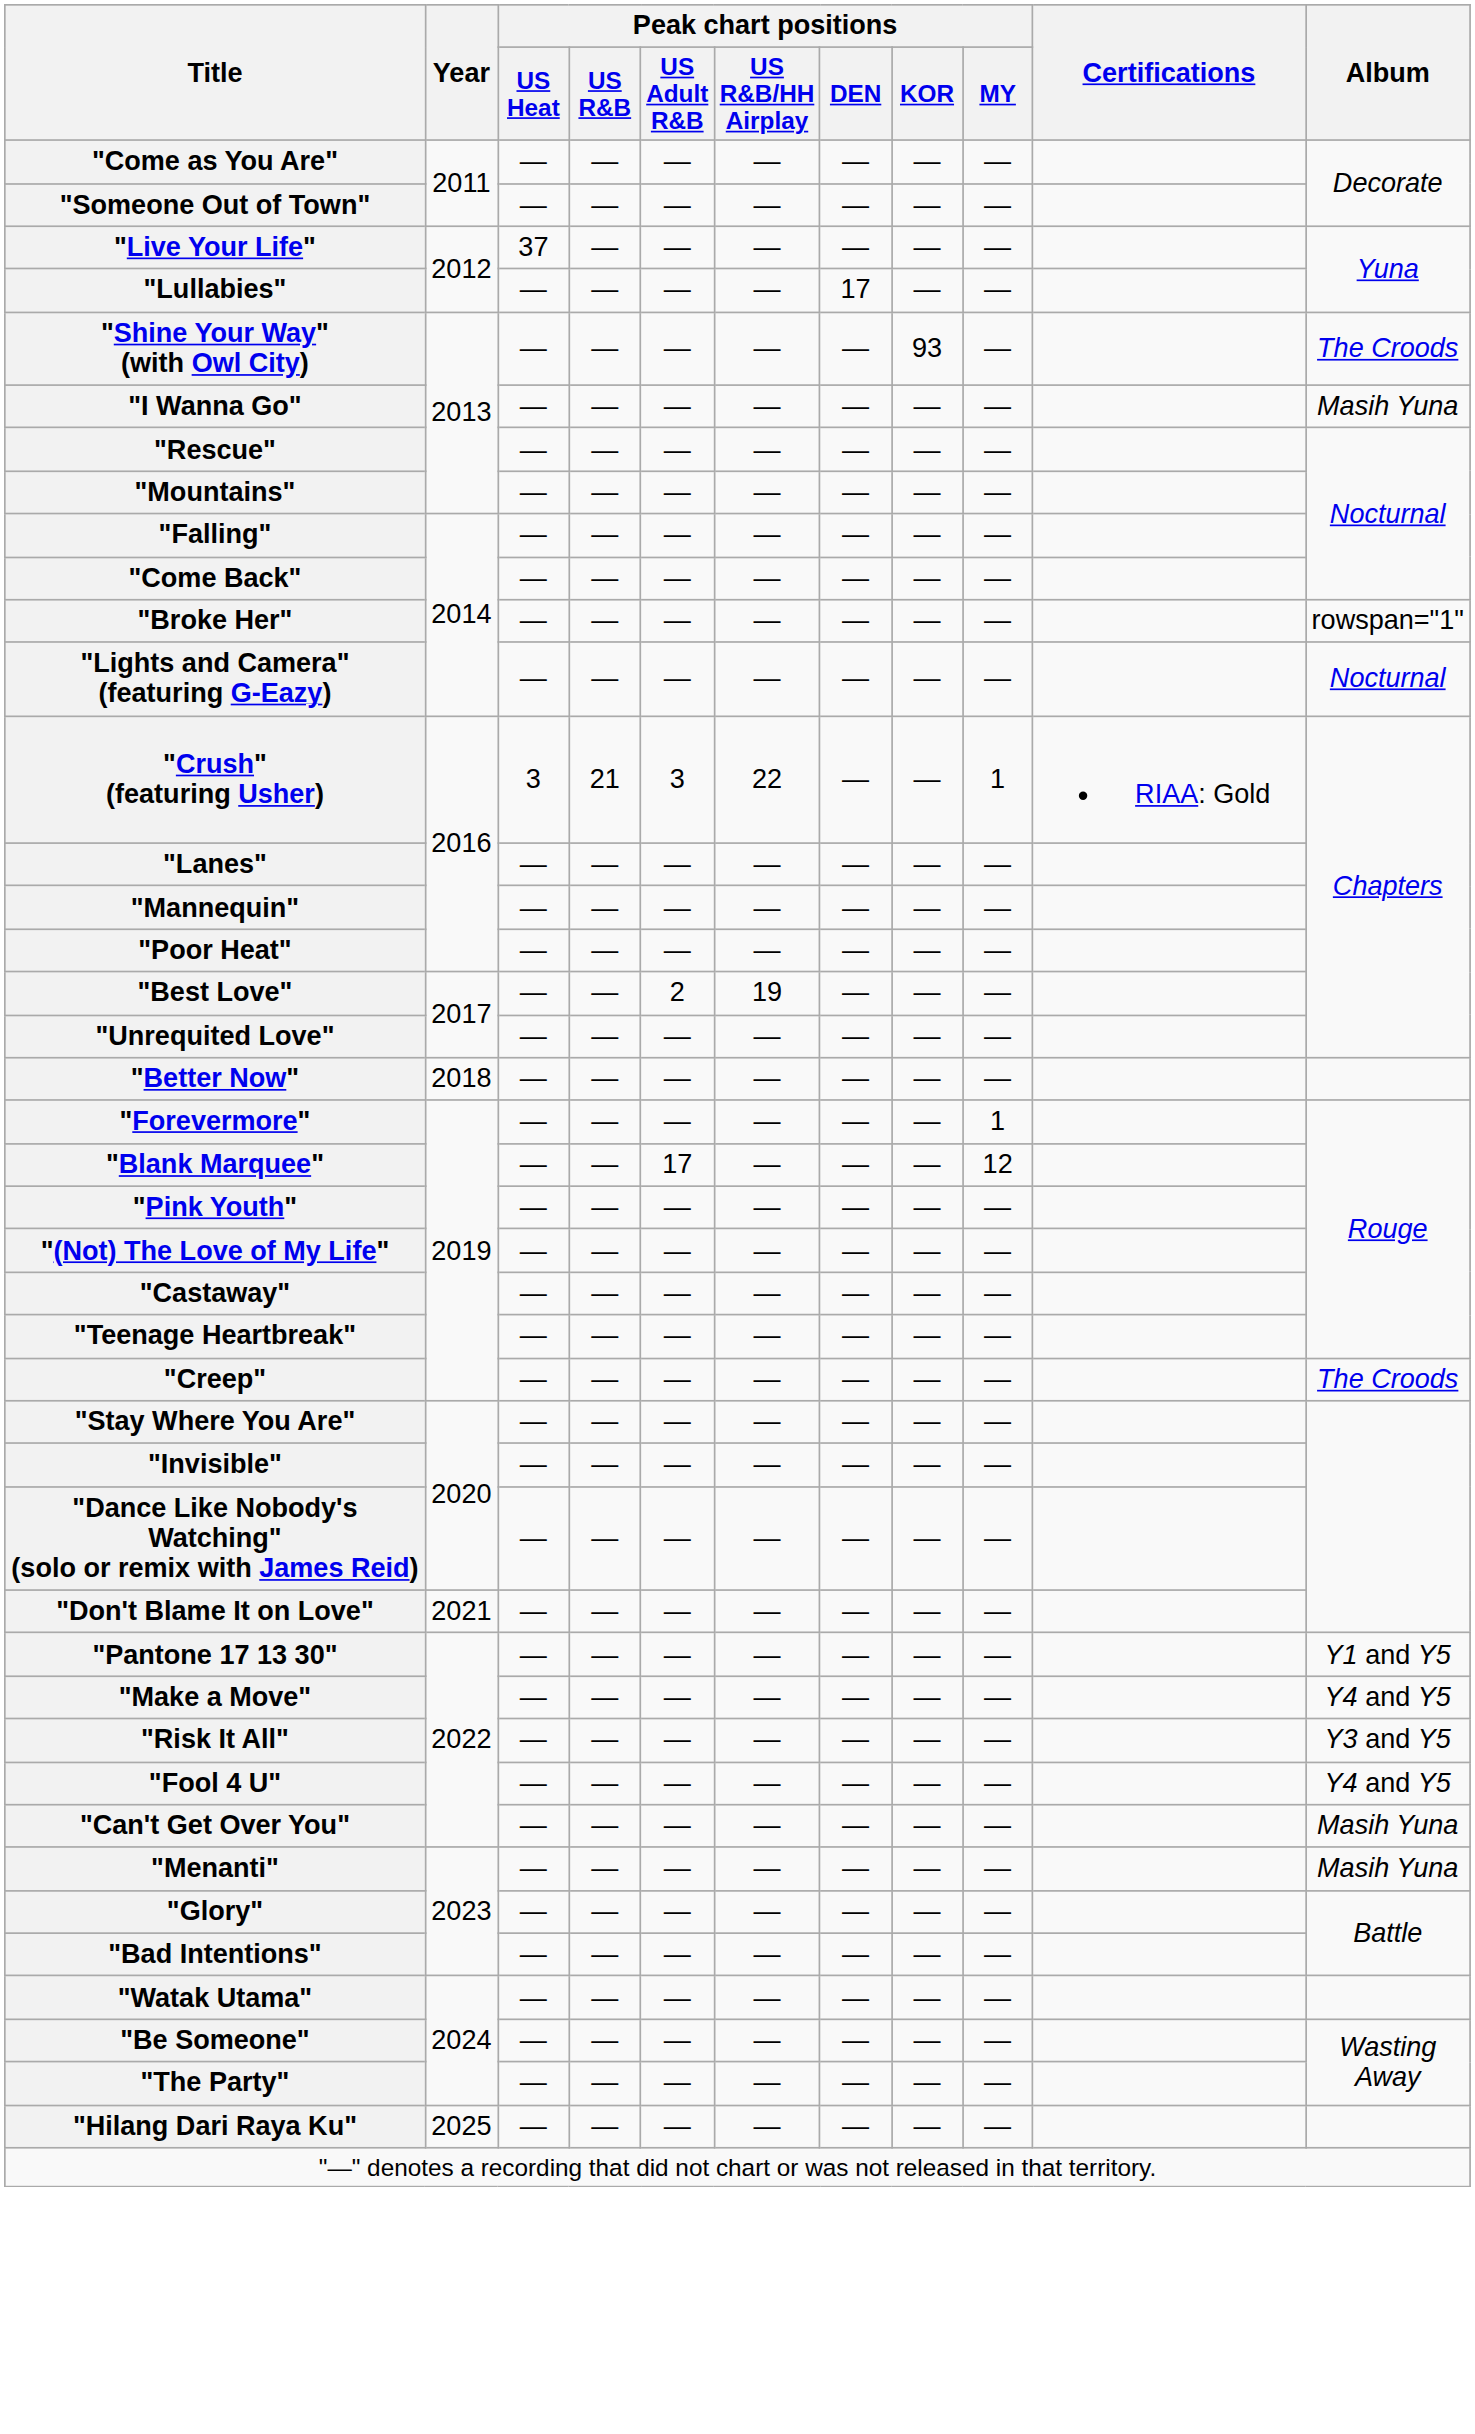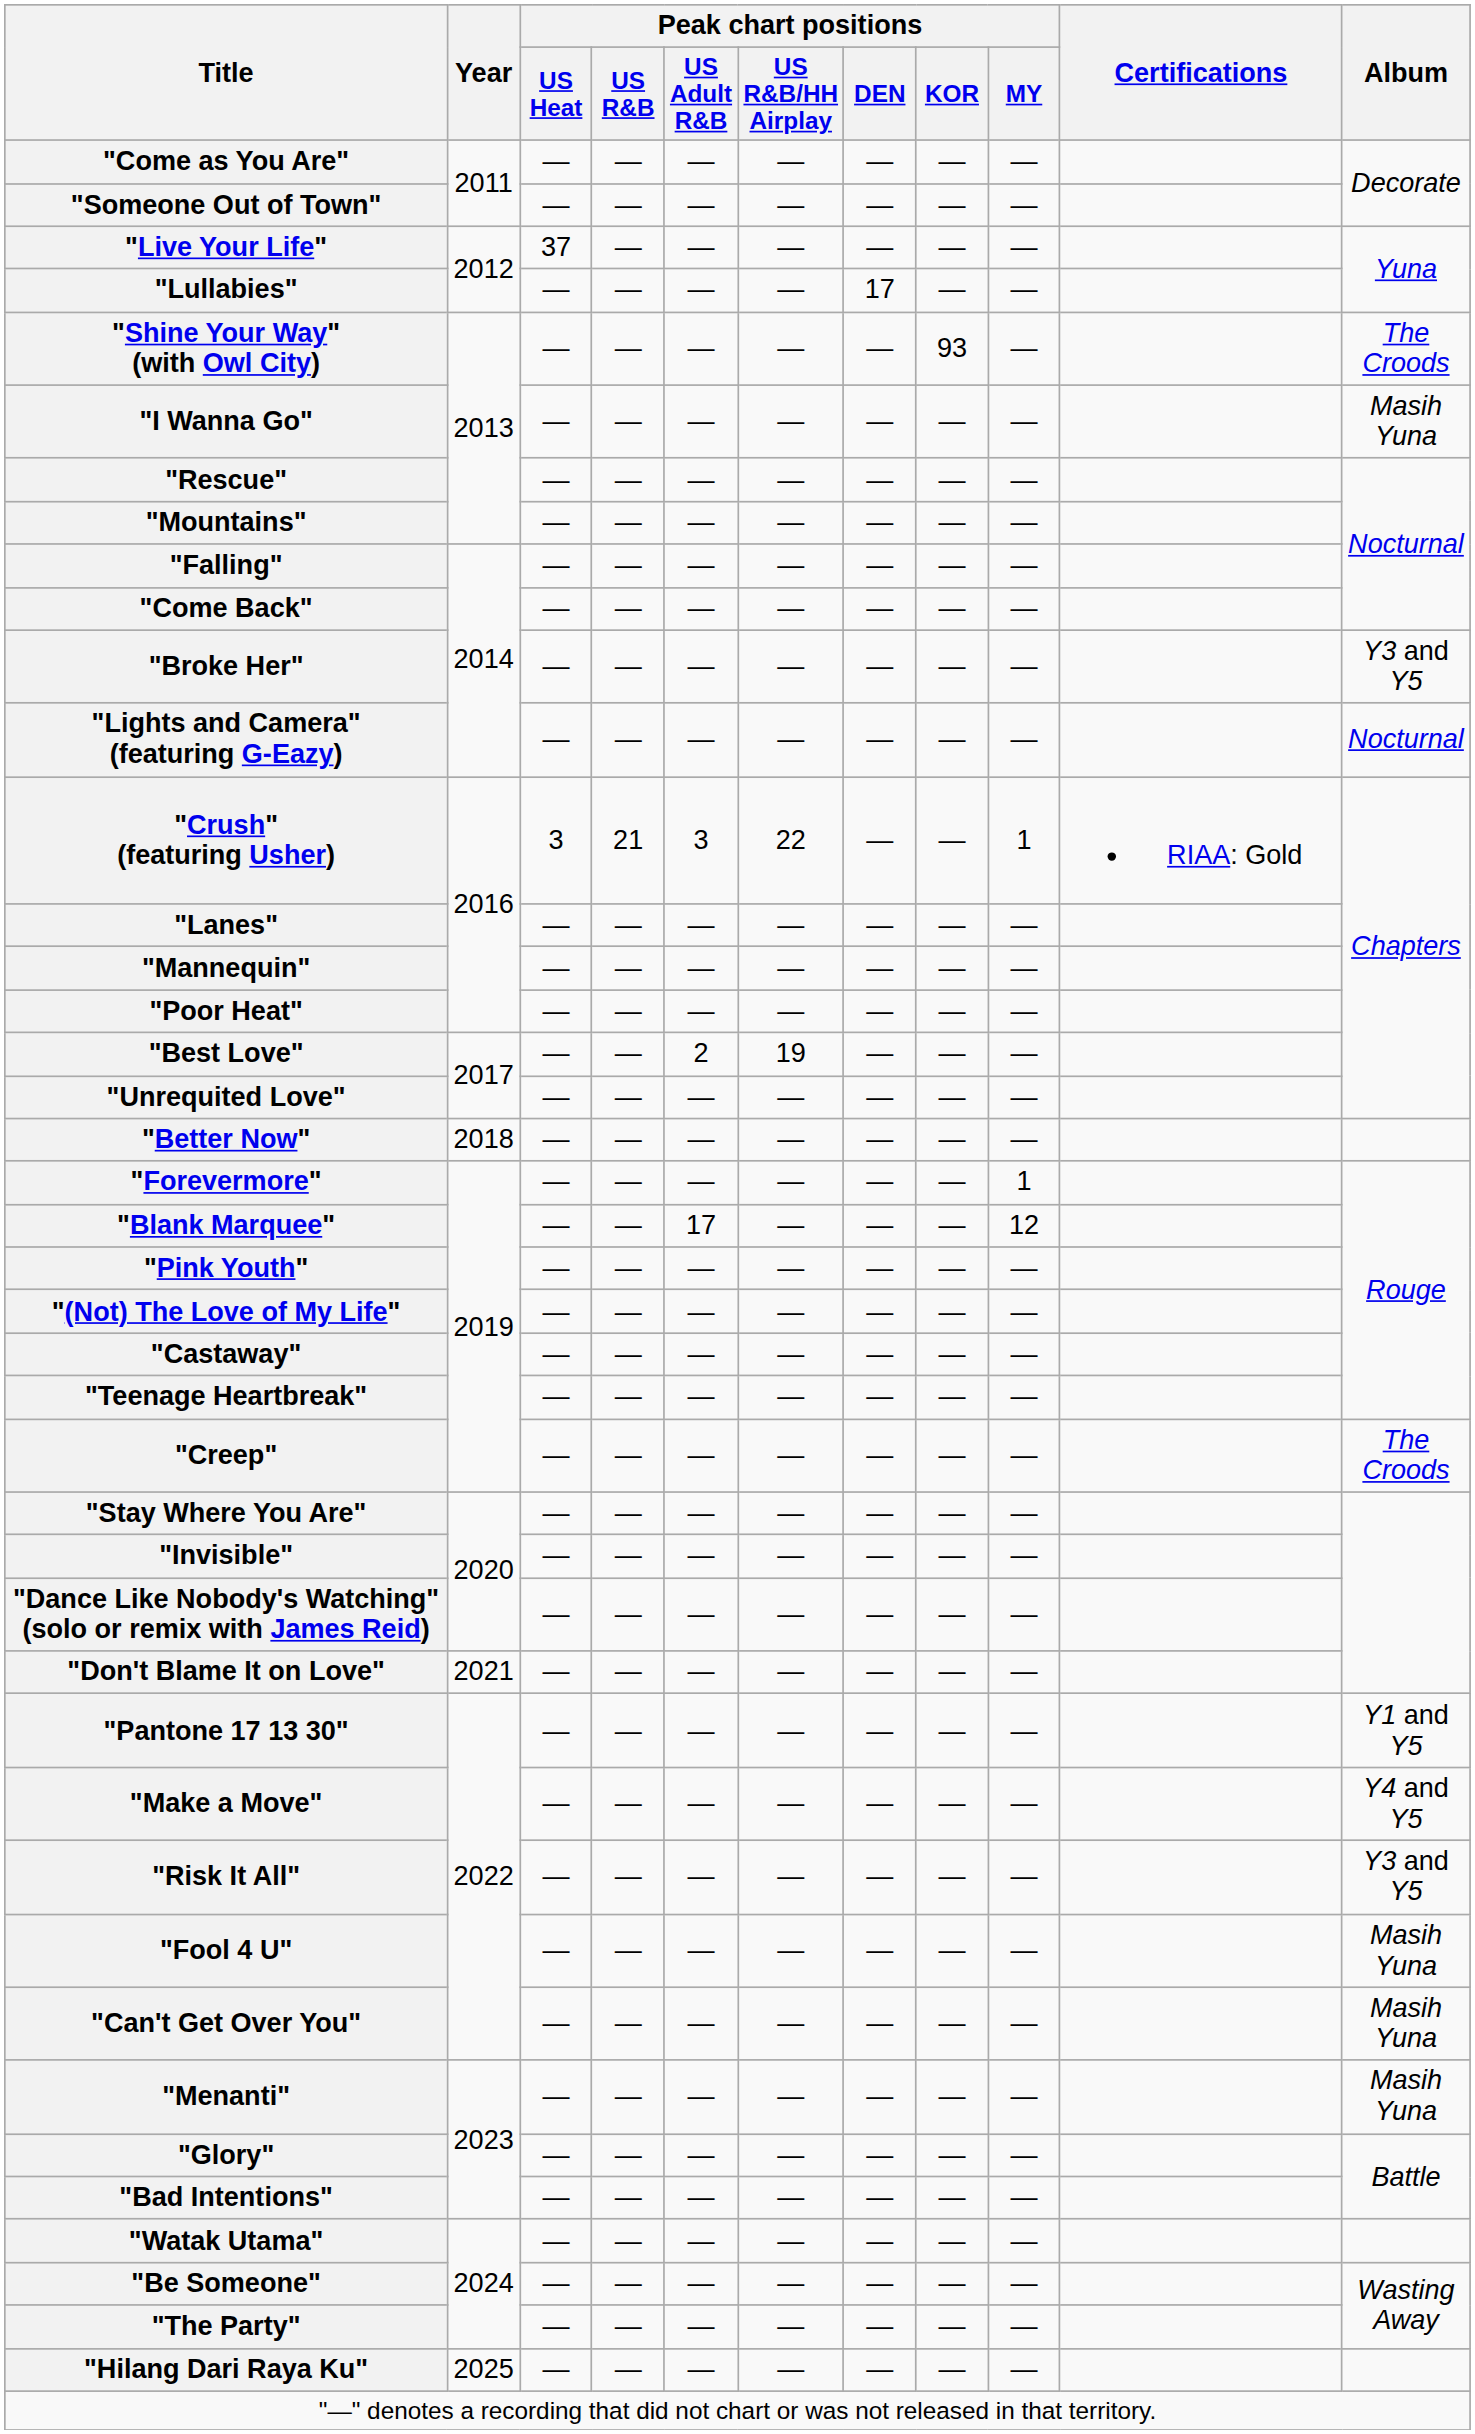 <table class="wikitable plainrowheaders" style="text-align:center;">
 <tr>
 <th scope="col" rowspan="2" style="width:16em;">Title</th>
 <th scope="col" rowspan="2">Year</th>
 <th scope="col" colspan="7">Peak chart positions</th>
 <th scope="col" rowspan="2" style="width:10em;"><a href='#'>Certifications</a></th>
 <th scope="col" rowspan="2">Album</th>
 </tr>
 <tr>
 <th scope="col" style="width:2.5em;font-size:90%;"><a href='#'>US Heat</a><br></th>
 <th scope="col" style="width:2.5em;font-size:90%;"><a href='#'>US R&B</a><br> </th>
 <th scope="col" style="width:2.5em;font-size:90%;"><a href='#'>US Adult R&B</a><br> </th>
 <th scope="col" style="width:2.5em;font-size:90%;"><a href='#'>US R&B/HH Airplay</a><br> </th>
 <th scope="col" style="width:2.5em;font-size:90%;"><a href='#'>DEN</a><br></th>
 <th scope="col" style="width:2.5em;font-size:90%;"><a href='#'>KOR</a><br></th>
 <th scope="col" style="width:2.5em;font-size:90%;"><a href='#'>MY</a><br></th>
 </tr>
 <tr>
 <th scope="row">"Come as You Are"</th>
 <td rowspan="2">2011</td>
 <td>—</td>
 <td>—</td>
 <td>—</td>
 <td>—</td>
 <td>—</td>
 <td>—</td>
 <td>—</td>
 <td></td>
 <td rowspan="2"><em>Decorate</em></td>
 </tr>
 <tr>
 <th scope="row">"Someone Out of Town"</th>
 <td>—</td>
 <td>—</td>
 <td>—</td>
 <td>—</td>
 <td>—</td>
 <td>—</td>
 <td>—</td>
 <td></td>
 </tr>
 <tr>
 <th scope="row">"<a href='#'>Live Your Life</a>"</th>
 <td rowspan="2">2012</td>
 <td>37</td>
 <td>—</td>
 <td>—</td>
 <td>—</td>
 <td>—</td>
 <td>—</td>
 <td>—</td>
 <td></td>
 <td rowspan="2"><em><a href='#'>Yuna</a></em></td>
 </tr>
 <tr>
 <th scope="row">"Lullabies"</th>
 <td>—</td>
 <td>—</td>
 <td>—</td>
 <td>—</td>
 <td>17</td>
 <td>—</td>
 <td>—</td>
 <td></td>
 </tr>
 <tr>
 <th scope="row">"<a href='#'>Shine Your Way</a>"<br><span>(with <a href='#'>Owl City</a>)</span></th>
 <td rowspan="4">2013</td>
 <td>—</td>
 <td>—</td>
 <td>—</td>
 <td>—</td>
 <td>—</td>
 <td>93</td>
 <td>—</td>
 <td></td>
 <td><em><a href='#'>The Croods</a></em></td>
 </tr>
 <tr>
 <th scope="row">"I Wanna Go"</th>
 <td>—</td>
 <td>—</td>
 <td>—</td>
 <td>—</td>
 <td>—</td>
 <td>—</td>
 <td>—</td>
 <td></td>
 <td><em>Masih Yuna</em></td>
 </tr>
 <tr>
 <th scope="row">"Rescue"</th>
 <td>—</td>
 <td>—</td>
 <td>—</td>
 <td>—</td>
 <td>—</td>
 <td>—</td>
 <td>—</td>
 <td></td>
 <td rowspan="4"><em><a href='#'>Nocturnal</a></em></td>
 </tr>
 <tr>
 <th scope="row">"Mountains"</th>
 <td>—</td>
 <td>—</td>
 <td>—</td>
 <td>—</td>
 <td>—</td>
 <td>—</td>
 <td>—</td>
 <td></td>
 </tr>
 <tr>
 <th scope="row">"Falling"</th>
 <td rowspan="4">2014</td>
 <td>—</td>
 <td>—</td>
 <td>—</td>
 <td>—</td>
 <td>—</td>
 <td>—</td>
 <td>—</td>
 <td></td>
 </tr>
 <tr>
 <th scope="row">"Come Back"</th>
 <td>—</td>
 <td>—</td>
 <td>—</td>
 <td>—</td>
 <td>—</td>
 <td>—</td>
 <td>—</td>
 <td></td>
 </tr>
 <tr>
 <th scope="row">"Broke Her"</th>
 <td>—</td>
 <td>—</td>
 <td>—</td>
 <td>—</td>
 <td>—</td>
 <td>—</td>
 <td>—</td>
 <td></td>
-<td>rowspan="1" </td>
+<td><em>Y3</em> and <em>Y5</em></td>
 </tr>
 <tr>
 <th scope="row">"Lights and Camera"<br><span>(featuring <a href='#'>G-Eazy</a>)</span></th>
 <td>—</td>
 <td>—</td>
 <td>—</td>
 <td>—</td>
 <td>—</td>
 <td>—</td>
 <td>—</td>
 <td></td>
 <td rowspan="1"><em><a href='#'>Nocturnal</a></em></td>
 </tr>
 <tr>
 <th scope="row">"<a href='#'>Crush</a>"<br><span>(featuring <a href='#'>Usher</a>)</span></th>
 <td rowspan="4">2016</td>
 <td>3</td>
 <td>21</td>
 <td>3</td>
 <td>22</td>
 <td>—</td>
 <td>—</td>
 <td>1</td>
 <td><br><ul><li><a href='#'>RIAA</a>: Gold</li></ul></td>
 <td rowspan="6"><em><a href='#'>Chapters</a></em></td>
 </tr>
 <tr>
 <th scope="row">"Lanes"</th>
 <td>—</td>
 <td>—</td>
 <td>—</td>
 <td>—</td>
 <td>—</td>
 <td>—</td>
 <td>—</td>
 <td></td>
 </tr>
 <tr>
 <th scope="row">"Mannequin"</th>
 <td>—</td>
 <td>—</td>
 <td>—</td>
 <td>—</td>
 <td>—</td>
 <td>—</td>
 <td>—</td>
 <td></td>
 </tr>
 <tr>
 <th scope="row">"Poor Heat"</th>
 <td>—</td>
 <td>—</td>
 <td>—</td>
 <td>—</td>
 <td>—</td>
 <td>—</td>
 <td>—</td>
 <td></td>
 </tr>
 <tr>
 <th scope="row">"Best Love"</th>
 <td rowspan="2">2017</td>
 <td>—</td>
 <td>—</td>
 <td>2</td>
 <td>19</td>
 <td>—</td>
 <td>—</td>
 <td>—</td>
 <td></td>
 </tr>
 <tr>
 <th scope="row">"Unrequited Love"</th>
 <td>—</td>
 <td>—</td>
 <td>—</td>
 <td>—</td>
 <td>—</td>
 <td>—</td>
 <td>—</td>
 <td></td>
 </tr>
 <tr>
 <th scope="row">"<a href='#'>Better Now</a>"</th>
 <td>2018</td>
 <td>—</td>
 <td>—</td>
 <td>—</td>
 <td>—</td>
 <td>—</td>
 <td>—</td>
 <td>—</td>
 <td></td>
 <td></td>
 </tr>
 <tr>
 <th scope="row">"<a href='#'>Forevermore</a>"</th>
 <td rowspan="7">2019</td>
 <td>—</td>
 <td>—</td>
 <td>—</td>
 <td>—</td>
 <td>—</td>
 <td>—</td>
 <td>1</td>
 <td></td>
 <td rowspan="6"><em><a href='#'>Rouge</a></em></td>
 </tr>
 <tr>
 <th scope="row">"<a href='#'>Blank Marquee</a>" <br></th>
 <td>—</td>
 <td>—</td>
 <td>17</td>
 <td>—</td>
 <td>—</td>
 <td>—</td>
 <td>12</td>
 <td></td>
 </tr>
 <tr>
 <th scope="row">"<a href='#'>Pink Youth</a>" <br></th>
 <td>—</td>
 <td>—</td>
 <td>—</td>
 <td>—</td>
 <td>—</td>
 <td>—</td>
 <td>—</td>
 <td></td>
 </tr>
 <tr>
 <th scope="row">"<a href='#'>(Not) The Love of My Life</a>"</th>
 <td>—</td>
 <td>—</td>
 <td>—</td>
 <td>—</td>
 <td>—</td>
 <td>—</td>
 <td>—</td>
 <td></td>
 </tr>
 <tr>
 <th scope="row">"Castaway" <br></th>
 <td>—</td>
 <td>—</td>
 <td>—</td>
 <td>—</td>
 <td>—</td>
 <td>—</td>
 <td>—</td>
 <td></td>
 </tr>
 <tr>
 <th scope="row">"Teenage Heartbreak" <br></th>
 <td>—</td>
 <td>—</td>
 <td>—</td>
 <td>—</td>
 <td>—</td>
 <td>—</td>
 <td>—</td>
 <td></td>
 </tr>
 <tr>
 <th scope="row">"Creep"</th>
 <td>—</td>
 <td>—</td>
 <td>—</td>
 <td>—</td>
 <td>—</td>
 <td>—</td>
 <td>—</td>
 <td></td>
 <td><em><a href='#'>The Croods</a></em></td>
 </tr>
 <tr>
 <th scope="row">"Stay Where You Are"</th>
 <td rowspan="3">2020</td>
 <td>—</td>
 <td>—</td>
 <td>—</td>
 <td>—</td>
 <td>—</td>
 <td>—</td>
 <td>—</td>
 <td></td>
 </tr>
 <tr>
 <th scope="row">"Invisible"</th>
 <td>—</td>
 <td>—</td>
 <td>—</td>
 <td>—</td>
 <td>—</td>
 <td>—</td>
 <td>—</td>
 <td></td>
 </tr>
 <tr>
 <th scope="row">"Dance Like Nobody's Watching"<br><span>(solo or remix with <a href='#'>James Reid</a>)</span></th>
 <td>—</td>
 <td>—</td>
 <td>—</td>
 <td>—</td>
 <td>—</td>
 <td>—</td>
 <td>—</td>
 <td></td>
 </tr>
 <tr>
 <th scope="row">"Don't Blame It on Love" <br></th>
 <td>2021</td>
 <td>—</td>
 <td>—</td>
 <td>—</td>
 <td>—</td>
 <td>—</td>
 <td>—</td>
 <td>—</td>
 <td></td>
 </tr>
 <tr>
 <th scope="row">"Pantone 17 13 30"</th>
 <td rowspan="5">2022</td>
 <td>—</td>
 <td>—</td>
 <td>—</td>
 <td>—</td>
 <td>—</td>
 <td>—</td>
 <td>—</td>
 <td></td>
 <td><em>Y1</em> and <em>Y5</em></td>
 </tr>
 <tr>
 <th scope="row">"Make a Move"</th>
 <td>—</td>
 <td>—</td>
 <td>—</td>
 <td>—</td>
 <td>—</td>
 <td>—</td>
 <td>—</td>
 <td></td>
 <td><em>Y4</em> and <em>Y5</em></td>
 </tr>
 <tr>
 <th scope="row">"Risk It All"</th>
 <td>—</td>
 <td>—</td>
 <td>—</td>
 <td>—</td>
 <td>—</td>
 <td>—</td>
 <td>—</td>
 <td></td>
 <td><em>Y3</em> and <em>Y5</em></td>
 </tr>
 <tr>
 <th scope="row">"Fool 4 U"</th>
 <td>—</td>
 <td>—</td>
 <td>—</td>
 <td>—</td>
 <td>—</td>
 <td>—</td>
 <td>—</td>
 <td></td>
-<td><em>Y4</em> and <em>Y5</em></td>
+<td><em>Masih Yuna</em></td>
 </tr>
 <tr>
 <th scope="row">"Can't Get Over You"</th>
 <td>—</td>
 <td>—</td>
 <td>—</td>
 <td>—</td>
 <td>—</td>
 <td>—</td>
 <td>—</td>
 <td></td>
 <td><em>Masih Yuna</em></td>
 </tr>
 <tr>
 <th scope="row">"Menanti"</th>
 <td rowspan="3">2023</td>
 <td>—</td>
 <td>—</td>
 <td>—</td>
 <td>—</td>
 <td>—</td>
 <td>—</td>
 <td>—</td>
 <td></td>
 <td><em>Masih Yuna</em></td>
 </tr>
 <tr>
 <th scope="row">"Glory"</th>
 <td>—</td>
 <td>—</td>
 <td>—</td>
 <td>—</td>
 <td>—</td>
 <td>—</td>
 <td>—</td>
 <td></td>
 <td rowspan="2"><em>Battle</em></td>
 </tr>
 <tr>
 <th scope="row">"Bad Intentions"</th>
 <td>—</td>
 <td>—</td>
 <td>—</td>
 <td>—</td>
 <td>—</td>
 <td>—</td>
 <td>—</td>
 <td></td>
 </tr>
 <tr>
 <th scope="row">"Watak Utama"<br></th>
 <td rowspan="3">2024</td>
 <td>—</td>
 <td>—</td>
 <td>—</td>
 <td>—</td>
 <td>—</td>
 <td>—</td>
 <td>—</td>
 <td></td>
 <td></td>
 </tr>
 <tr>
 <th scope="row">"Be Someone"</th>
 <td>—</td>
 <td>—</td>
 <td>—</td>
 <td>—</td>
 <td>—</td>
 <td>—</td>
 <td>—</td>
 <td></td>
 <td rowspan="2"><em>Wasting Away</em></td>
 </tr>
 <tr>
 <th scope="row">"The Party"</th>
 <td>—</td>
 <td>—</td>
 <td>—</td>
 <td>—</td>
 <td>—</td>
 <td>—</td>
 <td>—</td>
 <td></td>
 </tr>
 <tr>
 <th scope="row">"Hilang Dari Raya Ku"</th>
 <td>2025</td>
 <td>—</td>
 <td>—</td>
 <td>—</td>
 <td>—</td>
 <td>—</td>
 <td>—</td>
 <td>—</td>
 <td></td>
 <td></td>
 </tr>
 <tr>
 <td colspan="14" style="font-size:90%">"—" denotes a recording that did not chart or was not released in that territory.</td>
 </tr>
 </table>
